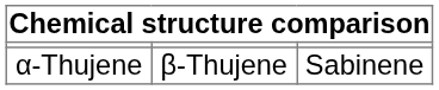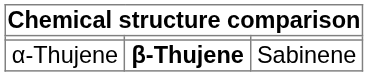 <table class="toccolours" border="1" style="margin: 0 0 1em 1em; border-collapse: collapse;">
 <tr>
 <td colspan="3" align="center"><strong>Chemical structure comparison</strong></td>
 </tr>
 <tr>
 <td></td>
 <td></td>
 <td></td>
 </tr>
 <tr>
 <td align="center">α-Thujene</td>
-<td align="center">β-Thujene</td>
+<td align="center"><strong>β-Thujene</strong></td>
 <td align="center">Sabinene</td>
 </tr>
 </table>
